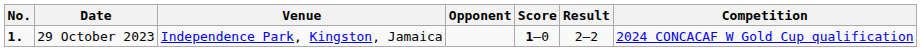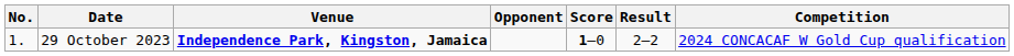 <table class="wikitable">
 <tr>
 <th>No.</th>
 <th>Date</th>
 <th>Venue</th>
 <th>Opponent</th>
 <th>Score</th>
 <th>Result</th>
 <th>Competition</th>
 </tr>
 <tr>
-<td><strong>1.</strong></td>
+<td>1.</td>
 <td>29 October 2023</td>
-<td><a href='#'>Independence Park</a>, <a href='#'>Kingston</a>, Jamaica</td>
+<td><strong><a href='#'>Independence Park</a>, <a href='#'>Kingston</a>, Jamaica</strong></td>
 <td></td>
 <td align=center><strong>1</strong>–0</td>
 <td align=center>2–2</td>
 <td><a href='#'>2024 CONCACAF W Gold Cup qualification</a></td>
 </tr>
 <tr>
 </tr>
 </table>
